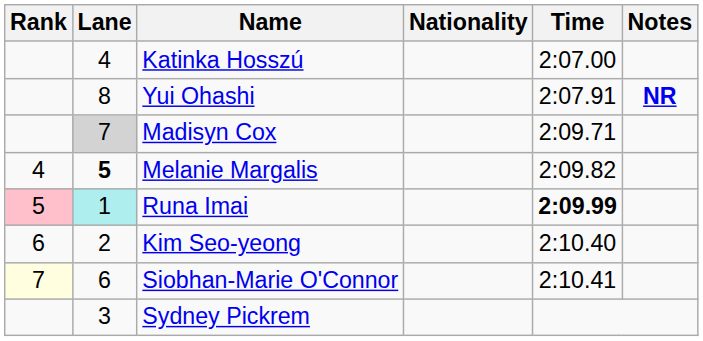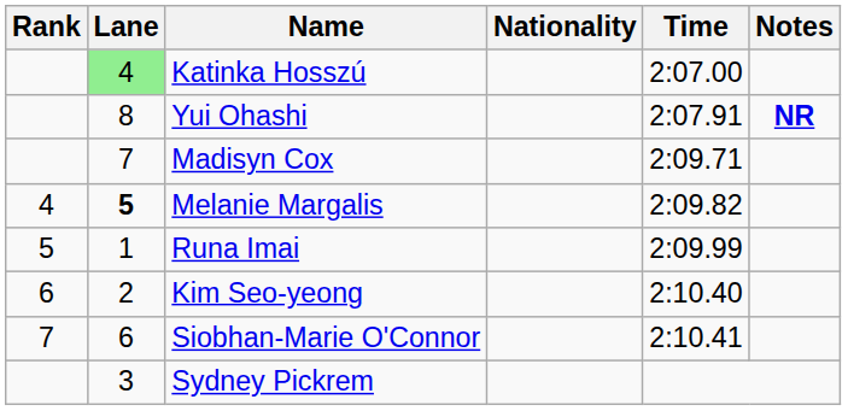 <table class="wikitable sortable" style="text-align:center">
 <tr>
 <th>Rank</th>
 <th>Lane</th>
 <th>Name</th>
 <th>Nationality</th>
 <th>Time</th>
 <th>Notes</th>
 </tr>
 <tr>
 <td></td>
-<td>4</td>
+<td style="background: lightgreen;">4</td>
 <td align=left><a href='#'>Katinka Hosszú</a></td>
 <td align=left></td>
 <td>2:07.00</td>
 <td></td>
 </tr>
 <tr>
 <td></td>
 <td>8</td>
 <td align=left><a href='#'>Yui Ohashi</a></td>
 <td align=left></td>
 <td>2:07.91</td>
 <td><strong><a href='#'>NR</a></strong></td>
 </tr>
 <tr>
 <td></td>
-<td style="background: lightgrey;">7</td>
+<td>7</td>
 <td align=left><a href='#'>Madisyn Cox</a></td>
 <td align=left></td>
 <td>2:09.71</td>
 <td></td>
 </tr>
 <tr>
 <td>4</td>
 <td><strong>5</strong></td>
 <td align=left><a href='#'>Melanie Margalis</a></td>
 <td align=left></td>
 <td>2:09.82</td>
 <td></td>
 </tr>
 <tr>
-<td style="background: pink;">5</td>
-<td style="background: paleturquoise;">1</td>
+<td>5</td>
+<td>1</td>
 <td align=left><a href='#'>Runa Imai</a></td>
 <td align=left></td>
-<td><strong>2:09.99</strong></td>
+<td>2:09.99</td>
 <td></td>
 </tr>
 <tr>
 <td>6</td>
 <td>2</td>
 <td align=left><a href='#'>Kim Seo-yeong</a></td>
 <td align=left></td>
 <td>2:10.40</td>
 <td></td>
 </tr>
 <tr>
-<td style="background: lightyellow;">7</td>
+<td>7</td>
 <td>6</td>
 <td align=left><a href='#'>Siobhan-Marie O'Connor</a></td>
 <td align=left></td>
 <td>2:10.41</td>
 <td></td>
 </tr>
 <tr>
 <td></td>
 <td>3</td>
 <td align=left><a href='#'>Sydney Pickrem</a></td>
 <td align=left></td>
 <td rowspan=2 colspan=2></td>
 </tr>
 </table>
